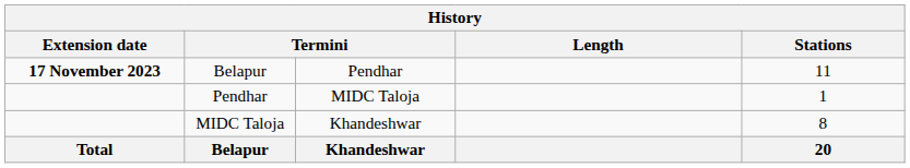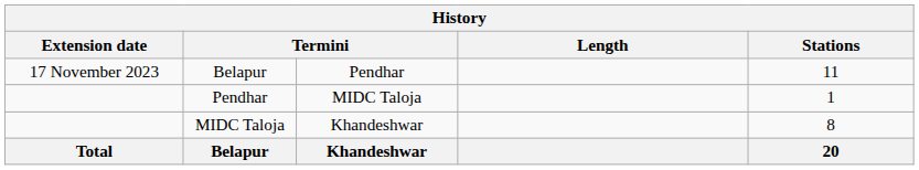 <table class="wikitable" style="text-align: center;">
 <tr>
 <th colspan="5"><span><strong>History</strong></span></th>
 </tr>
 <tr>
 <th width="5%">Extension date</th>
 <th width="5%"  colspan="2">Termini</th>
 <th width="10%">Length</th>
 <th width="5%">Stations</th>
 </tr>
 <tr>
-<td><strong>17 November 2023</strong></td>
+<td>17 November 2023</td>
 <td>Belapur</td>
 <td>Pendhar</td>
 <td></td>
 <td>11</td>
 </tr>
 <tr>
 <td></td>
 <td>Pendhar</td>
 <td>MIDC Taloja</td>
 <td></td>
 <td>1</td>
 </tr>
 <tr>
 <td></td>
 <td>MIDC Taloja</td>
 <td>Khandeshwar</td>
 <td></td>
 <td>8</td>
 </tr>
 <tr>
 <th>Total</th>
 <th>Belapur</th>
 <th>Khandeshwar</th>
 <th></th>
 <th>20</th>
 </tr>
 </table>
